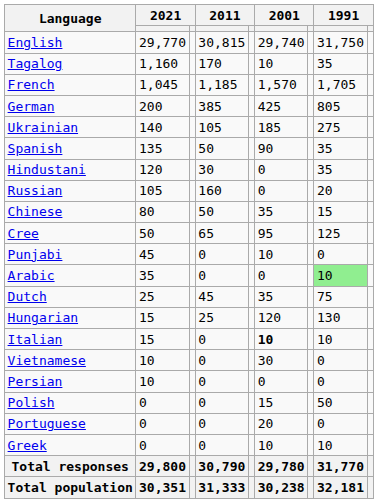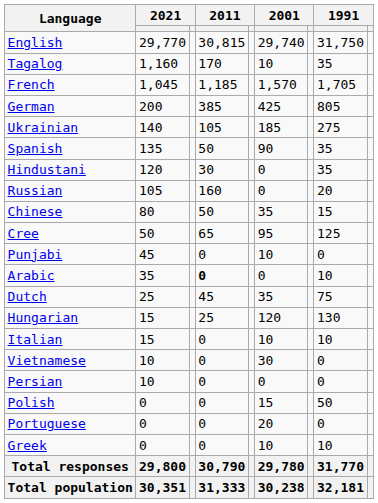 <table class="wikitable collapsible sortable">
 <tr>
 <th rowspan="2">Language</th>
 <th colspan="2">2021</th>
 <th colspan="2">2011</th>
 <th colspan="2">2001</th>
 <th colspan="2">1991</th>
 </tr>
 <tr>
 <th><a href='#'></a></th>
 <th></th>
 <th></th>
 <th></th>
 <th></th>
 <th></th>
 <th></th>
 <th></th>
 </tr>
 <tr>
 <td><a href='#'>English</a></td>
 <td>29,770</td>
 <td></td>
 <td>30,815</td>
 <td></td>
 <td>29,740</td>
 <td></td>
 <td>31,750</td>
 <td></td>
 </tr>
 <tr>
 <td><a href='#'>Tagalog</a></td>
 <td>1,160</td>
 <td></td>
 <td>170</td>
 <td></td>
 <td>10</td>
 <td></td>
 <td>35</td>
 <td></td>
 </tr>
 <tr>
 <td><a href='#'>French</a></td>
 <td>1,045</td>
 <td></td>
 <td>1,185</td>
 <td></td>
 <td>1,570</td>
 <td></td>
 <td>1,705</td>
 <td></td>
 </tr>
 <tr>
 <td><a href='#'>German</a></td>
 <td>200</td>
 <td></td>
 <td>385</td>
 <td></td>
 <td>425</td>
 <td></td>
 <td>805</td>
 <td></td>
 </tr>
 <tr>
 <td><a href='#'>Ukrainian</a></td>
 <td>140</td>
 <td></td>
 <td>105</td>
 <td></td>
 <td>185</td>
 <td></td>
 <td>275</td>
 <td></td>
 </tr>
 <tr>
 <td><a href='#'>Spanish</a></td>
 <td>135</td>
 <td></td>
 <td>50</td>
 <td></td>
 <td>90</td>
 <td></td>
 <td>35</td>
 <td></td>
 </tr>
 <tr>
 <td><a href='#'>Hindustani</a></td>
 <td>120</td>
 <td></td>
 <td>30</td>
 <td></td>
 <td>0</td>
 <td></td>
 <td>35</td>
 <td></td>
 </tr>
 <tr>
 <td><a href='#'>Russian</a></td>
 <td>105</td>
 <td></td>
 <td>160</td>
 <td></td>
 <td>0</td>
 <td></td>
 <td>20</td>
 <td></td>
 </tr>
 <tr>
 <td><a href='#'>Chinese</a></td>
 <td>80</td>
 <td></td>
 <td>50</td>
 <td></td>
 <td>35</td>
 <td></td>
 <td>15</td>
 <td></td>
 </tr>
 <tr>
 <td><a href='#'>Cree</a></td>
 <td>50</td>
 <td></td>
 <td>65</td>
 <td></td>
 <td>95</td>
 <td></td>
 <td>125</td>
 <td></td>
 </tr>
 <tr>
 <td><a href='#'>Punjabi</a></td>
 <td>45</td>
 <td></td>
 <td>0</td>
 <td></td>
 <td>10</td>
 <td></td>
 <td>0</td>
 <td></td>
 </tr>
 <tr>
 <td><a href='#'>Arabic</a></td>
 <td>35</td>
 <td></td>
-<td>0</td>
+<td><strong>0</strong></td>
 <td></td>
 <td>0</td>
 <td></td>
-<td style="background: lightgreen;">10</td>
+<td>10</td>
 <td></td>
 </tr>
 <tr>
 <td><a href='#'>Dutch</a></td>
 <td>25</td>
 <td></td>
 <td>45</td>
 <td></td>
 <td>35</td>
 <td></td>
 <td>75</td>
 <td></td>
 </tr>
 <tr>
 <td><a href='#'>Hungarian</a></td>
 <td>15</td>
 <td></td>
 <td>25</td>
 <td></td>
 <td>120</td>
 <td></td>
 <td>130</td>
 <td></td>
 </tr>
 <tr>
 <td><a href='#'>Italian</a></td>
 <td>15</td>
 <td></td>
 <td>0</td>
 <td></td>
-<td><strong>10</strong></td>
+<td>10</td>
 <td></td>
 <td>10</td>
 <td></td>
 </tr>
 <tr>
 <td><a href='#'>Vietnamese</a></td>
 <td>10</td>
 <td></td>
 <td>0</td>
 <td></td>
 <td>30</td>
 <td></td>
 <td>0</td>
 <td></td>
 </tr>
 <tr>
 <td><a href='#'>Persian</a></td>
 <td>10</td>
 <td></td>
 <td>0</td>
 <td></td>
 <td>0</td>
 <td></td>
 <td>0</td>
 <td></td>
 </tr>
 <tr>
 <td><a href='#'>Polish</a></td>
 <td>0</td>
 <td></td>
 <td>0</td>
 <td></td>
 <td>15</td>
 <td></td>
 <td>50</td>
 <td></td>
 </tr>
 <tr>
 <td><a href='#'>Portuguese</a></td>
 <td>0</td>
 <td></td>
 <td>0</td>
 <td></td>
 <td>20</td>
 <td></td>
 <td>0</td>
 <td></td>
 </tr>
 <tr>
 <td><a href='#'>Greek</a></td>
 <td>0</td>
 <td></td>
 <td>0</td>
 <td></td>
 <td>10</td>
 <td></td>
 <td>10</td>
 <td></td>
 </tr>
 <tr>
 <th>Total responses</th>
 <th>29,800</th>
 <th></th>
 <th>30,790</th>
 <th></th>
 <th>29,780</th>
 <th></th>
 <th>31,770</th>
 <th></th>
 </tr>
 <tr>
 <th>Total population</th>
 <th>30,351</th>
 <th></th>
 <th>31,333</th>
 <th></th>
 <th>30,238</th>
 <th></th>
 <th>32,181</th>
 <th></th>
 </tr>
 </table>
